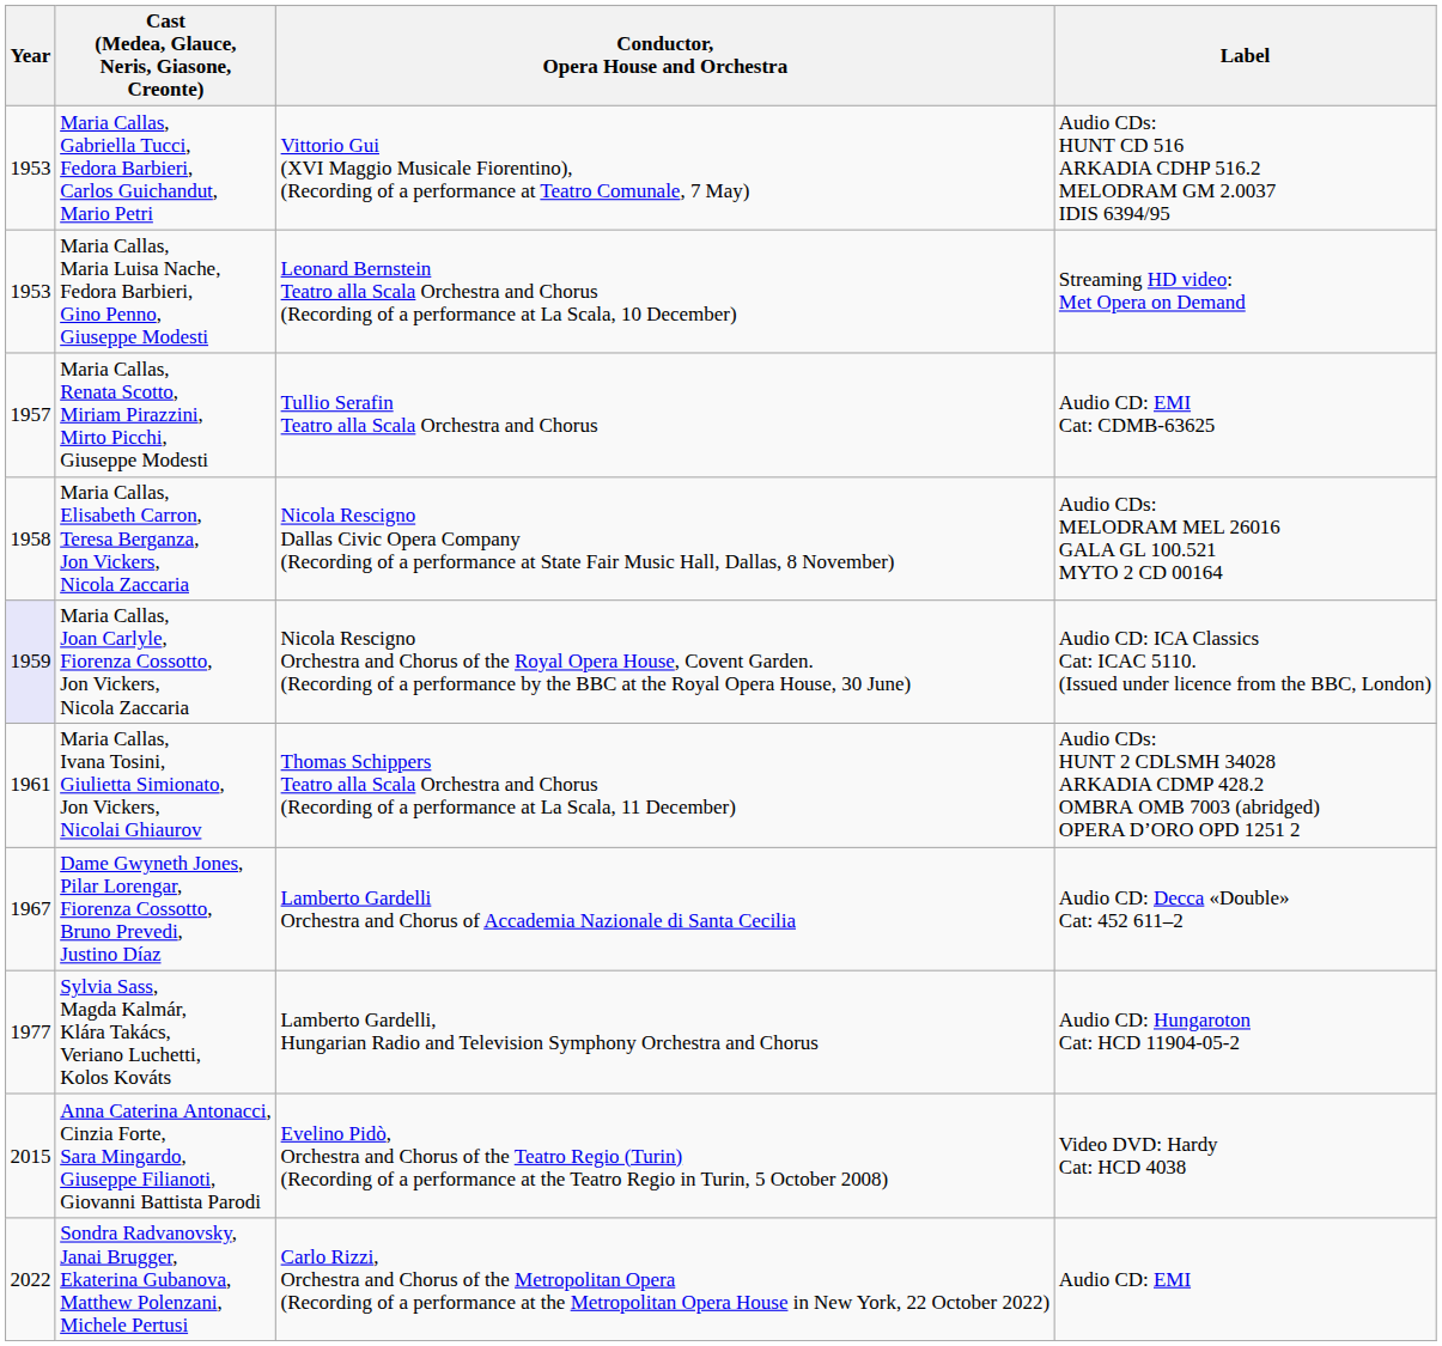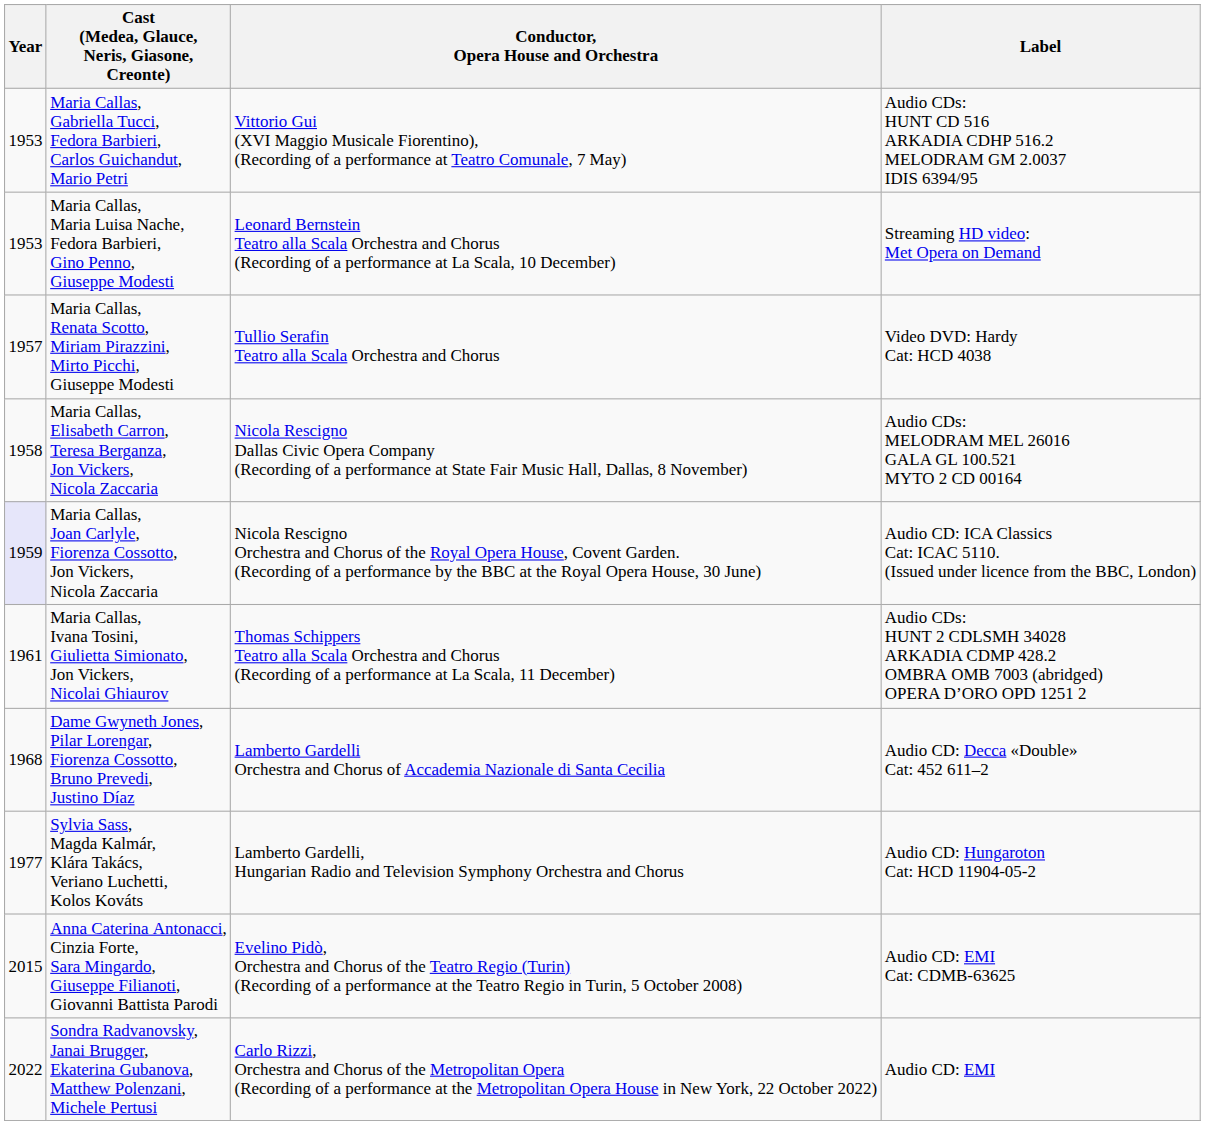 <table class="wikitable">
 <tr>
 <th>Year</th>
 <th width="145">Cast<br>(Medea, Glauce,<br>Neris, Giasone,<br>Creonte)</th>
 <th>Conductor,<br>Opera House and Orchestra</th>
 <th>Label</th>
 </tr>
 <tr>
 <td>1953</td>
 <td><a href='#'>Maria Callas</a>,<br><a href='#'>Gabriella Tucci</a>,<br><a href='#'>Fedora Barbieri</a>,<br><a href='#'>Carlos Guichandut</a>,<br><a href='#'>Mario Petri</a></td>
 <td><a href='#'>Vittorio Gui</a><br>(XVI Maggio Musicale Fiorentino),<br>(Recording of a performance at <a href='#'>Teatro Comunale</a>, 7 May)</td>
 <td>Audio CDs:<br>HUNT CD 516<br>ARKADIA CDHP 516.2<br>MELODRAM GM 2.0037<br>IDIS 6394/95</td>
 </tr>
 <tr>
 <td>1953</td>
 <td>Maria Callas,<br>Maria Luisa Nache,<br>Fedora Barbieri,<br><a href='#'>Gino Penno</a>,<br><a href='#'>Giuseppe Modesti</a></td>
 <td><a href='#'>Leonard Bernstein</a><br><a href='#'>Teatro alla Scala</a> Orchestra and Chorus<br>(Recording of a performance at La Scala, 10 December)</td>
 <td>Streaming <a href='#'>HD video</a>:<br><a href='#'>Met Opera on Demand</a></td>
 </tr>
 <tr>
 <td>1957</td>
 <td>Maria Callas,<br><a href='#'>Renata Scotto</a>,<br><a href='#'>Miriam Pirazzini</a>,<br><a href='#'>Mirto Picchi</a>,<br>Giuseppe Modesti</td>
 <td><a href='#'>Tullio Serafin</a><br><a href='#'>Teatro alla Scala</a> Orchestra and Chorus</td>
-<td>Audio CD: <a href='#'>EMI</a><br>Cat: CDMB-63625</td>
+<td>Video DVD: Hardy<br>Cat: HCD 4038</td>
 </tr>
 <tr>
 <td>1958</td>
 <td>Maria Callas,<br><a href='#'>Elisabeth Carron</a>,<br><a href='#'>Teresa Berganza</a>,<br><a href='#'>Jon Vickers</a>,<br><a href='#'>Nicola Zaccaria</a></td>
 <td><a href='#'>Nicola Rescigno</a><br>Dallas Civic Opera Company<br>(Recording of a performance at State Fair Music Hall, Dallas, 8 November)</td>
 <td>Audio CDs:<br>MELODRAM MEL 26016<br>GALA GL 100.521<br>MYTO 2 CD 00164</td>
 </tr>
 <tr>
 <td style="background: lavender;">1959</td>
 <td>Maria Callas,<br><a href='#'>Joan Carlyle</a>,<br><a href='#'>Fiorenza Cossotto</a>,<br>Jon Vickers,<br>Nicola Zaccaria</td>
 <td>Nicola Rescigno<br>Orchestra and Chorus of the <a href='#'>Royal Opera House</a>, Covent Garden.<br>(Recording of a performance by the BBC at the Royal Opera House, 30 June)</td>
 <td>Audio CD: ICA Classics<br>Cat: ICAC 5110.<br>(Issued under licence from the BBC, London)</td>
 </tr>
 <tr>
 <td>1961</td>
 <td>Maria Callas,<br>Ivana Tosini,<br><a href='#'>Giulietta Simionato</a>,<br>Jon Vickers,<br><a href='#'>Nicolai Ghiaurov</a></td>
 <td><a href='#'>Thomas Schippers</a><br><a href='#'>Teatro alla Scala</a> Orchestra and Chorus<br>(Recording of a performance at La Scala, 11 December)</td>
 <td>Audio CDs:<br>HUNT 2 CDLSMH 34028<br>ARKADIA CDMP 428.2<br>OMBRA OMB 7003 (abridged)<br>OPERA D’ORO OPD 1251 2</td>
 </tr>
 <tr>
-<td>1967</td>
+<td>1968</td>
 <td><a href='#'>Dame Gwyneth Jones</a>,<br><a href='#'>Pilar Lorengar</a>,<br><a href='#'>Fiorenza Cossotto</a>,<br><a href='#'>Bruno Prevedi</a>,<br><a href='#'>Justino Díaz</a></td>
 <td><a href='#'>Lamberto Gardelli</a><br>Orchestra and Chorus of <a href='#'>Accademia Nazionale di Santa Cecilia</a></td>
 <td>Audio CD: <a href='#'>Decca</a> «Double»<br>Cat: 452 611–2</td>
 </tr>
 <tr>
 <td>1977</td>
 <td><a href='#'>Sylvia Sass</a>,<br>Magda Kalmár,<br>Klára Takács,<br>Veriano Luchetti,<br>Kolos Kováts</td>
 <td>Lamberto Gardelli,<br>Hungarian Radio and Television Symphony Orchestra and Chorus</td>
 <td>Audio CD: <a href='#'>Hungaroton</a><br>Cat: HCD 11904-05-2</td>
 </tr>
 <tr>
 <td>2015</td>
 <td><a href='#'>Anna&nbsp;Caterina&nbsp;Antonacci</a>,<br>Cinzia Forte,<br><a href='#'>Sara Mingardo</a>,<br><a href='#'>Giuseppe Filianoti</a>,<br>Giovanni Battista Parodi</td>
 <td><a href='#'>Evelino Pidò</a>,<br>Orchestra and Chorus of the <a href='#'>Teatro Regio (Turin)</a><br>(Recording of a performance at the Teatro Regio in Turin, 5 October 2008)</td>
-<td>Video DVD: Hardy<br>Cat: HCD 4038</td>
+<td>Audio CD: <a href='#'>EMI</a><br>Cat: CDMB-63625</td>
 </tr>
 <tr>
 <td>2022</td>
 <td><a href='#'>Sondra Radvanovsky</a>,<br><a href='#'>Janai Brugger</a>,<br><a href='#'>Ekaterina Gubanova</a>,<br><a href='#'>Matthew Polenzani</a>,<br><a href='#'>Michele Pertusi</a></td>
 <td><a href='#'>Carlo Rizzi</a>,<br>Orchestra and Chorus of the <a href='#'>Metropolitan Opera</a><br>(Recording of a performance at the <a href='#'>Metropolitan Opera House</a> in New York, 22 October 2022)</td>
 <td>Audio CD: <a href='#'>EMI</a></td>
 </tr>
 <tr>
 </tr>
 </table>
